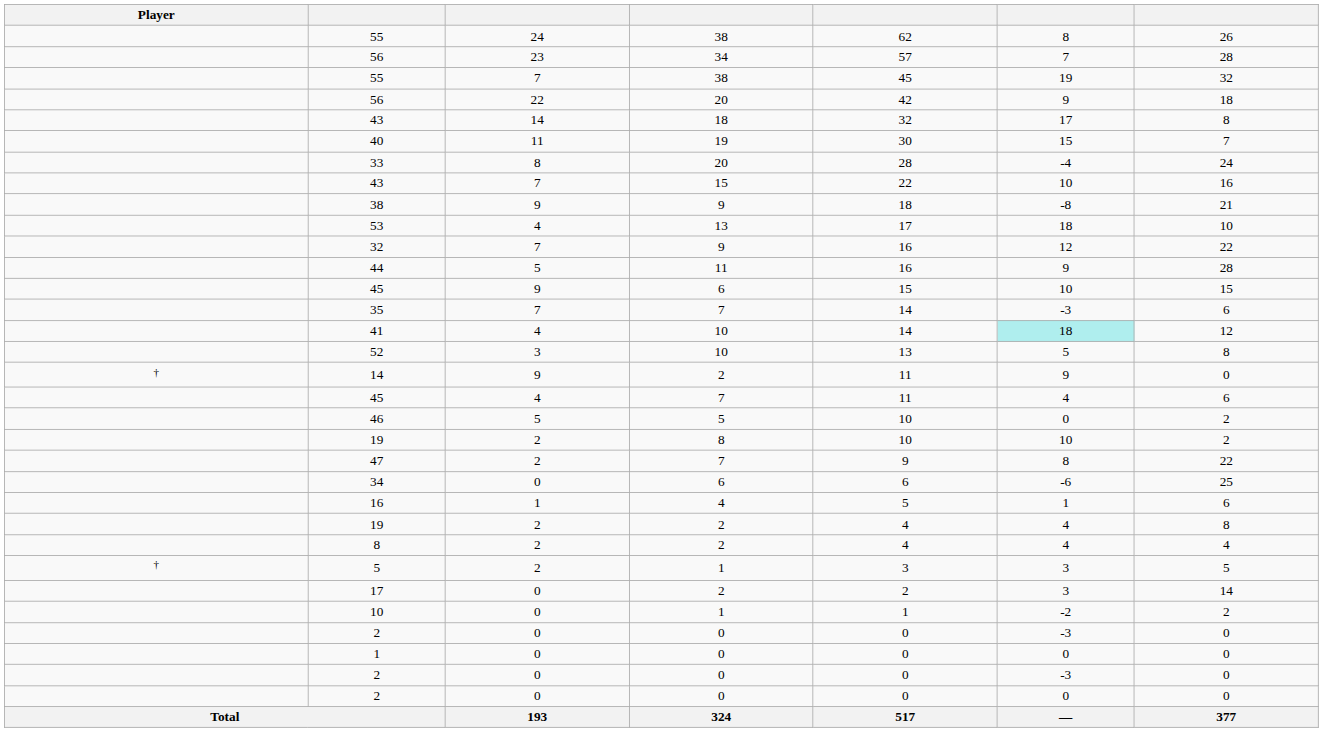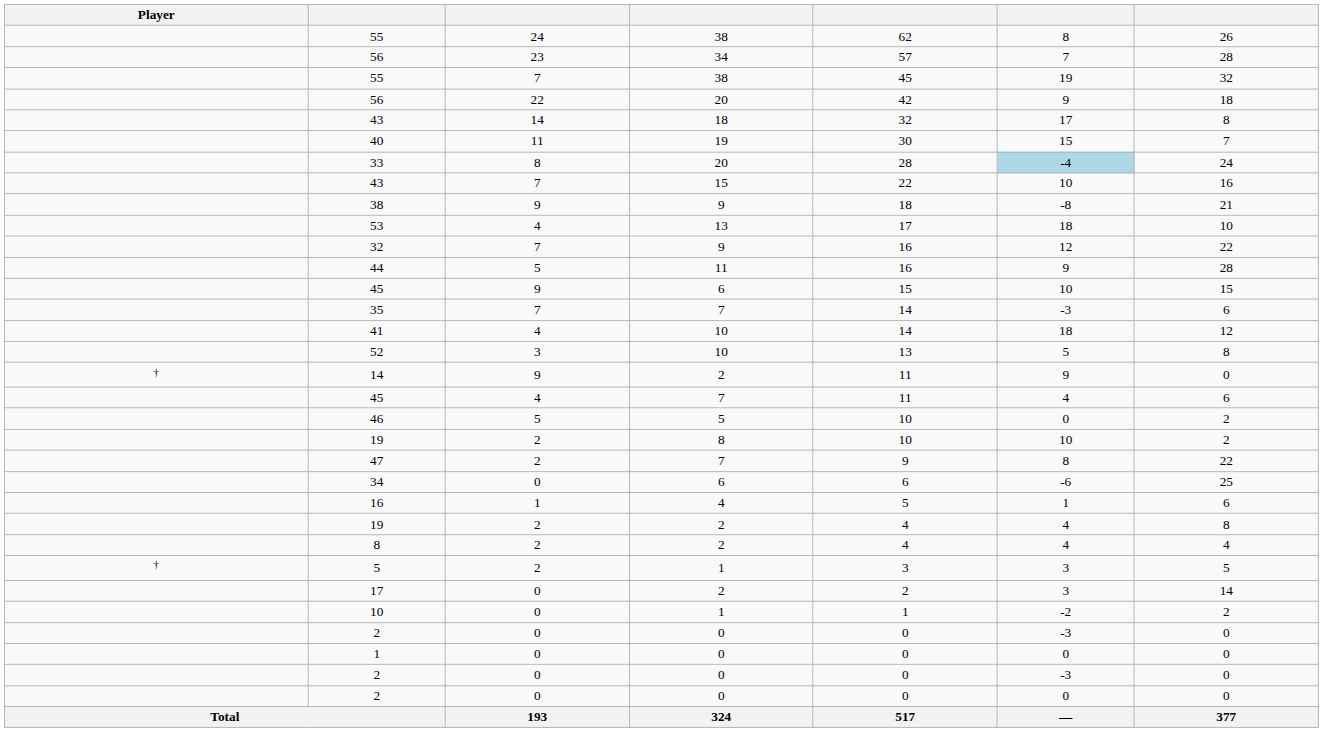 <table class="wikitable sortable" style="width:100%; text-align:center;">
 <tr align=center>
 <th>Player</th>
 <th></th>
 <th></th>
 <th></th>
 <th></th>
 <th data-sort-type="number"></th>
 <th></th>
 </tr>
 <tr>
 <td></td>
 <td>55</td>
 <td>24</td>
 <td>38</td>
 <td>62</td>
 <td>8</td>
 <td>26</td>
 </tr>
 <tr>
 <td></td>
 <td>56</td>
 <td>23</td>
 <td>34</td>
 <td>57</td>
 <td>7</td>
 <td>28</td>
 </tr>
 <tr>
 <td></td>
 <td>55</td>
 <td>7</td>
 <td>38</td>
 <td>45</td>
 <td>19</td>
 <td>32</td>
 </tr>
 <tr>
 <td></td>
 <td>56</td>
 <td>22</td>
 <td>20</td>
 <td>42</td>
 <td>9</td>
 <td>18</td>
 </tr>
 <tr>
 <td></td>
 <td>43</td>
 <td>14</td>
 <td>18</td>
 <td>32</td>
 <td>17</td>
 <td>8</td>
 </tr>
 <tr>
 <td></td>
 <td>40</td>
 <td>11</td>
 <td>19</td>
 <td>30</td>
 <td>15</td>
 <td>7</td>
 </tr>
 <tr>
 <td></td>
 <td>33</td>
 <td>8</td>
 <td>20</td>
 <td>28</td>
-<td>-4</td>
+<td style="background: lightblue;">-4</td>
 <td>24</td>
 </tr>
 <tr>
 <td></td>
 <td>43</td>
 <td>7</td>
 <td>15</td>
 <td>22</td>
 <td>10</td>
 <td>16</td>
 </tr>
 <tr>
 <td></td>
 <td>38</td>
 <td>9</td>
 <td>9</td>
 <td>18</td>
 <td>-8</td>
 <td>21</td>
 </tr>
 <tr>
 <td></td>
 <td>53</td>
 <td>4</td>
 <td>13</td>
 <td>17</td>
 <td>18</td>
 <td>10</td>
 </tr>
 <tr>
 <td></td>
 <td>32</td>
 <td>7</td>
 <td>9</td>
 <td>16</td>
 <td>12</td>
 <td>22</td>
 </tr>
 <tr>
 <td></td>
 <td>44</td>
 <td>5</td>
 <td>11</td>
 <td>16</td>
 <td>9</td>
 <td>28</td>
 </tr>
 <tr>
 <td></td>
 <td>45</td>
 <td>9</td>
 <td>6</td>
 <td>15</td>
 <td>10</td>
 <td>15</td>
 </tr>
 <tr>
 <td></td>
 <td>35</td>
 <td>7</td>
 <td>7</td>
 <td>14</td>
 <td>-3</td>
 <td>6</td>
 </tr>
 <tr>
 <td></td>
 <td>41</td>
 <td>4</td>
 <td>10</td>
 <td>14</td>
-<td style="background: paleturquoise;">18</td>
+<td>18</td>
 <td>12</td>
 </tr>
 <tr>
 <td></td>
 <td>52</td>
 <td>3</td>
 <td>10</td>
 <td>13</td>
 <td>5</td>
 <td>8</td>
 </tr>
 <tr>
 <td><sup>†</sup></td>
 <td>14</td>
 <td>9</td>
 <td>2</td>
 <td>11</td>
 <td>9</td>
 <td>0</td>
 </tr>
 <tr>
 <td></td>
 <td>45</td>
 <td>4</td>
 <td>7</td>
 <td>11</td>
 <td>4</td>
 <td>6</td>
 </tr>
 <tr>
 <td></td>
 <td>46</td>
 <td>5</td>
 <td>5</td>
 <td>10</td>
 <td>0</td>
 <td>2</td>
 </tr>
 <tr>
 <td></td>
 <td>19</td>
 <td>2</td>
 <td>8</td>
 <td>10</td>
 <td>10</td>
 <td>2</td>
 </tr>
 <tr>
 <td></td>
 <td>47</td>
 <td>2</td>
 <td>7</td>
 <td>9</td>
 <td>8</td>
 <td>22</td>
 </tr>
 <tr>
 <td></td>
 <td>34</td>
 <td>0</td>
 <td>6</td>
 <td>6</td>
 <td>-6</td>
 <td>25</td>
 </tr>
 <tr>
 <td></td>
 <td>16</td>
 <td>1</td>
 <td>4</td>
 <td>5</td>
 <td>1</td>
 <td>6</td>
 </tr>
 <tr>
 <td></td>
 <td>19</td>
 <td>2</td>
 <td>2</td>
 <td>4</td>
 <td>4</td>
 <td>8</td>
 </tr>
 <tr>
 <td></td>
 <td>8</td>
 <td>2</td>
 <td>2</td>
 <td>4</td>
 <td>4</td>
 <td>4</td>
 </tr>
 <tr>
 <td><sup>†</sup></td>
 <td>5</td>
 <td>2</td>
 <td>1</td>
 <td>3</td>
 <td>3</td>
 <td>5</td>
 </tr>
 <tr>
 <td></td>
 <td>17</td>
 <td>0</td>
 <td>2</td>
 <td>2</td>
 <td>3</td>
 <td>14</td>
 </tr>
 <tr>
 <td></td>
 <td>10</td>
 <td>0</td>
 <td>1</td>
 <td>1</td>
 <td>-2</td>
 <td>2</td>
 </tr>
 <tr>
 <td></td>
 <td>2</td>
 <td>0</td>
 <td>0</td>
 <td>0</td>
 <td>-3</td>
 <td>0</td>
 </tr>
 <tr>
 <td></td>
 <td>1</td>
 <td>0</td>
 <td>0</td>
 <td>0</td>
 <td>0</td>
 <td>0</td>
 </tr>
 <tr>
 <td></td>
 <td>2</td>
 <td>0</td>
 <td>0</td>
 <td>0</td>
 <td>-3</td>
 <td>0</td>
 </tr>
 <tr>
 <td></td>
 <td>2</td>
 <td>0</td>
 <td>0</td>
 <td>0</td>
 <td>0</td>
 <td>0</td>
 </tr>
 <tr class="sortbottom">
 <th colspan=2>Total</th>
 <th>193</th>
 <th>324</th>
 <th>517</th>
 <th>—</th>
 <th>377</th>
 </tr>
 </table>
